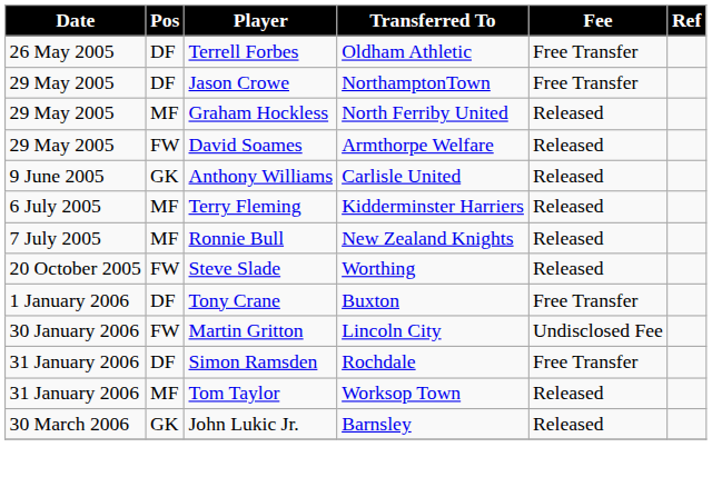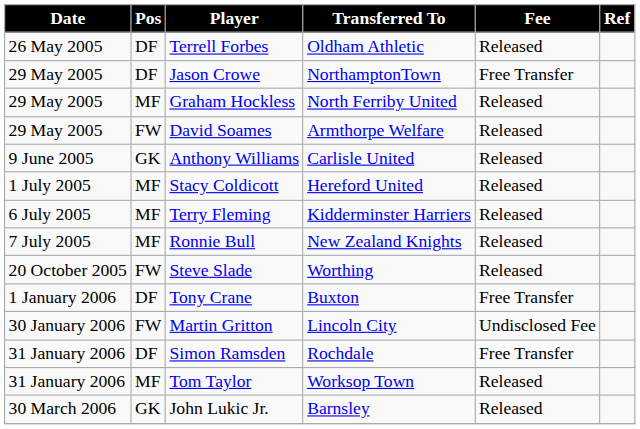 <table class="wikitable plainrowheaders sortable">
 <tr>
 <th style="background:#000000; color:#FFFFFF; ">Date</th>
 <th style="background:#000000; color:#FFFFff; ">Pos</th>
 <th style="background:#000000; color:#FFFFff; ">Player</th>
 <th style="background:#000000; color:#FFFFff; ">Transferred To</th>
 <th style="background:#000000; color:#FFFFff; ">Fee</th>
 <th style="background:#000000; color:#FFFFff; ">Ref</th>
 </tr>
 <tr>
 <td>26 May 2005</td>
 <td>DF</td>
 <td> <a href='#'>Terrell Forbes</a></td>
 <td> <a href='#'>Oldham Athletic</a></td>
-<td>Free Transfer</td>
+<td>Released</td>
 <td></td>
 </tr>
 <tr>
 <td>29 May 2005</td>
 <td>DF</td>
 <td> <a href='#'>Jason Crowe</a></td>
 <td> <a href='#'>NorthamptonTown</a></td>
 <td>Free Transfer</td>
 <td></td>
 </tr>
 <tr>
 <td>29 May 2005</td>
 <td>MF</td>
 <td> <a href='#'>Graham Hockless</a></td>
 <td> <a href='#'>North Ferriby United</a></td>
 <td>Released</td>
 <td></td>
 </tr>
 <tr>
 <td>29 May 2005</td>
 <td>FW</td>
 <td> <a href='#'>David Soames</a></td>
 <td> <a href='#'>Armthorpe Welfare</a></td>
 <td>Released</td>
 <td></td>
 </tr>
 <tr>
 <td>9 June 2005</td>
 <td>GK</td>
 <td> <a href='#'>Anthony Williams</a></td>
 <td> <a href='#'>Carlisle United</a></td>
+<td>Released</td>
+<td></td>
+</tr>
+<tr>
+<td>1 July 2005</td>
+<td>MF</td>
+<td> <a href='#'>Stacy Coldicott</a></td>
+<td> <a href='#'>Hereford United</a></td>
 <td>Released</td>
 <td></td>
 </tr>
 <tr>
 <td>6 July 2005</td>
 <td>MF</td>
 <td> <a href='#'>Terry Fleming</a></td>
 <td> <a href='#'>Kidderminster Harriers</a></td>
 <td>Released</td>
 <td></td>
 </tr>
 <tr>
 <td>7 July 2005</td>
 <td>MF</td>
 <td> <a href='#'>Ronnie Bull</a></td>
 <td> <a href='#'>New Zealand Knights</a></td>
 <td>Released</td>
 <td></td>
 </tr>
 <tr>
 <td>20 October 2005</td>
 <td>FW</td>
 <td> <a href='#'>Steve Slade</a></td>
 <td> <a href='#'>Worthing</a></td>
 <td>Released</td>
 <td></td>
 </tr>
 <tr>
 <td>1 January 2006</td>
 <td>DF</td>
 <td> <a href='#'>Tony Crane</a></td>
 <td> <a href='#'>Buxton</a></td>
 <td>Free Transfer</td>
 <td></td>
 </tr>
 <tr>
 <td>30 January 2006</td>
 <td>FW</td>
 <td> <a href='#'>Martin Gritton</a></td>
 <td> <a href='#'>Lincoln City</a></td>
 <td>Undisclosed Fee</td>
 <td></td>
 </tr>
 <tr>
 <td>31 January 2006</td>
 <td>DF</td>
 <td> <a href='#'>Simon Ramsden</a></td>
 <td> <a href='#'>Rochdale</a></td>
 <td>Free Transfer</td>
 <td></td>
 </tr>
 <tr>
 <td>31 January 2006</td>
 <td>MF</td>
 <td> <a href='#'>Tom Taylor</a></td>
 <td> <a href='#'>Worksop Town</a></td>
 <td>Released</td>
 <td></td>
 </tr>
 <tr>
 <td>30 March 2006</td>
 <td>GK</td>
 <td> John Lukic Jr.</td>
 <td> <a href='#'>Barnsley</a></td>
 <td>Released</td>
 <td></td>
 </tr>
 <tr>
 </tr>
 </table>
